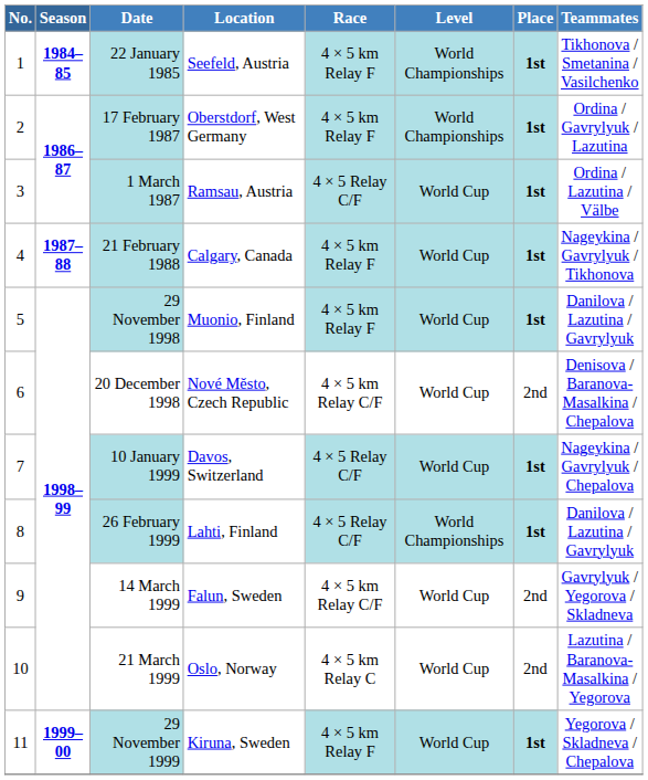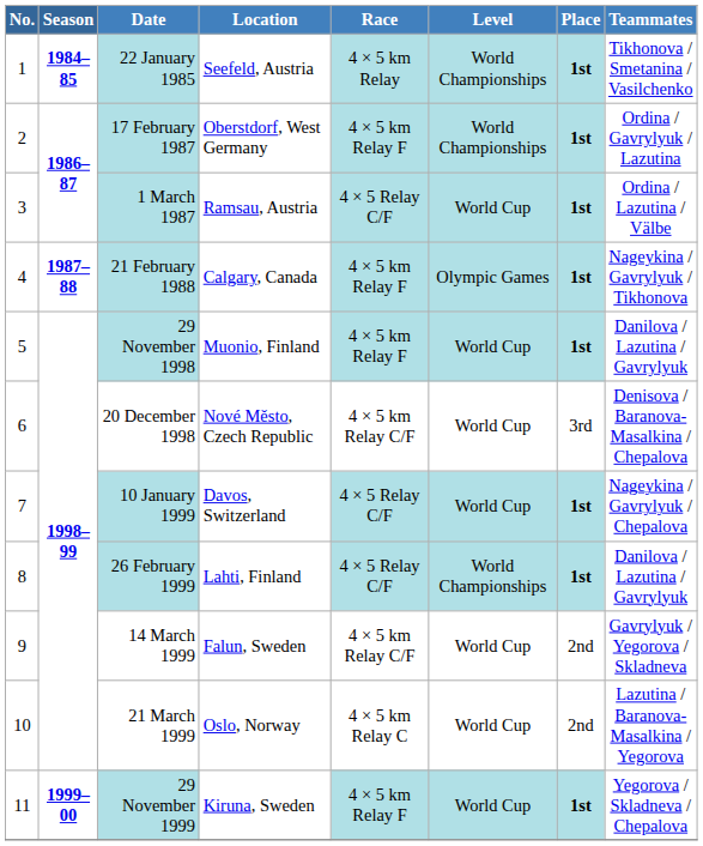 <table class="wikitable sortable" style="font-size:95%; text-align:center; border:grey solid 1px; border-collapse:collapse; background:#ffffff;">
 <tr style="background:#efefef;">
 <th style="background-color:#369; color:white;">No.</th>
 <th style="background-color:#369; color:white;">Season</th>
 <th style="background-color:#4180be; color:white; width:120px;">Date</th>
 <th style="background-color:#4180be; color:white; width:185px;">Location</th>
 <th style="background-color:#4180be; color:white; width:170px;">Race</th>
 <th style="background-color:#4180be; color:white; width:130px;">Level</th>
 <th style="background-color:#4180be; color:white;">Place</th>
 <th style="background-color:#4180be; color:white;">Teammates</th>
 </tr>
 <tr>
 <td align=center>1</td>
 <td rowspan=1 align=center><strong><a href='#'>1984–85</a></strong></td>
 <td bgcolor="#BOEOE6" align=right>22 January 1985</td>
 <td align=left> <a href='#'>Seefeld</a>, Austria</td>
-<td bgcolor="#BOEOE6">4 × 5 km Relay F</td>
+<td bgcolor="#BOEOE6">4 × 5 km Relay</td>
 <td bgcolor="#BOEOE6">World Championships</td>
 <td bgcolor="#BOEOE6"><strong>1st</strong></td>
 <td><a href='#'>Tikhonova</a> / <a href='#'>Smetanina</a> / <a href='#'>Vasilchenko</a></td>
 </tr>
 <tr>
 <td align=center>2</td>
 <td rowspan=2 align=center><strong><a href='#'>1986–87</a></strong></td>
 <td bgcolor="#BOEOE6" align=right>17 February 1987</td>
 <td align=left> <a href='#'>Oberstdorf</a>, West Germany</td>
 <td bgcolor="#BOEOE6">4 × 5 km Relay F</td>
 <td bgcolor="#BOEOE6">World Championships</td>
 <td bgcolor="#BOEOE6"><strong>1st</strong></td>
 <td><a href='#'>Ordina</a> / <a href='#'>Gavrylyuk</a> / <a href='#'>Lazutina</a></td>
 </tr>
 <tr>
 <td align=center>3</td>
 <td bgcolor="#BOEOE6" align=right>1 March 1987</td>
 <td align=left> <a href='#'>Ramsau</a>, Austria</td>
 <td bgcolor="#BOEOE6">4 × 5 Relay C/F</td>
 <td bgcolor="#BOEOE6">World Cup</td>
 <td bgcolor="#BOEOE6"><strong>1st</strong></td>
 <td><a href='#'>Ordina</a> / <a href='#'>Lazutina</a> / <a href='#'>Välbe</a></td>
 </tr>
 <tr>
 <td align=center>4</td>
 <td rowspan=1 align=center><strong><a href='#'>1987–88</a></strong></td>
 <td bgcolor="#BOEOE6" align=right>21 February 1988</td>
 <td align=left> <a href='#'>Calgary</a>, Canada</td>
 <td bgcolor="#BOEOE6">4 × 5 km Relay F</td>
-<td bgcolor="#BOEOE6">World Cup</td>
+<td bgcolor="#BOEOE6">Olympic Games</td>
 <td bgcolor="#BOEOE6"><strong>1st</strong></td>
 <td><a href='#'>Nageykina</a> / <a href='#'>Gavrylyuk</a> / <a href='#'>Tikhonova</a></td>
 </tr>
 <tr>
 <td align=center>5</td>
 <td rowspan=6 align=center><strong><a href='#'>1998–99</a></strong></td>
 <td bgcolor="#BOEOE6" align=right>29 November 1998</td>
 <td align=left> <a href='#'>Muonio</a>, Finland</td>
 <td bgcolor="#BOEOE6">4 × 5 km Relay F</td>
 <td bgcolor="#BOEOE6">World Cup</td>
 <td bgcolor="#BOEOE6"><strong>1st</strong></td>
 <td><a href='#'>Danilova</a> / <a href='#'>Lazutina</a> / <a href='#'>Gavrylyuk</a></td>
 </tr>
 <tr>
 <td align=center>6</td>
 <td align=right>20 December 1998</td>
 <td align=left> <a href='#'>Nové Město</a>, Czech Republic</td>
 <td>4 × 5 km Relay C/F</td>
 <td>World Cup</td>
-<td>2nd</td>
+<td>3rd</td>
 <td><a href='#'>Denisova</a> / <a href='#'>Baranova-Masalkina</a> / <a href='#'>Chepalova</a></td>
 </tr>
 <tr>
 <td align=center>7</td>
 <td bgcolor="#BOEOE6" align=right>10 January 1999</td>
 <td align=left> <a href='#'>Davos</a>, Switzerland</td>
 <td bgcolor="#BOEOE6">4 × 5 Relay C/F</td>
 <td bgcolor="#BOEOE6">World Cup</td>
 <td bgcolor="#BOEOE6"><strong>1st</strong></td>
 <td><a href='#'>Nageykina</a> / <a href='#'>Gavrylyuk</a> / <a href='#'>Chepalova</a></td>
 </tr>
 <tr>
 <td align=center>8</td>
 <td bgcolor="#BOEOE6" align=right>26 February 1999</td>
 <td align=left> <a href='#'>Lahti</a>, Finland</td>
 <td bgcolor="#BOEOE6">4 × 5 Relay C/F</td>
 <td bgcolor="#BOEOE6">World Championships</td>
 <td bgcolor="#BOEOE6"><strong>1st</strong></td>
 <td><a href='#'>Danilova</a> / <a href='#'>Lazutina</a> / <a href='#'>Gavrylyuk</a></td>
 </tr>
 <tr>
 <td align=center>9</td>
 <td align=right>14 March 1999</td>
 <td align=left> <a href='#'>Falun</a>, Sweden</td>
 <td>4 × 5 km Relay C/F</td>
 <td>World Cup</td>
 <td>2nd</td>
 <td><a href='#'>Gavrylyuk</a> / <a href='#'>Yegorova</a> / <a href='#'>Skladneva</a></td>
 </tr>
 <tr>
 <td align=center>10</td>
 <td align=right>21 March 1999</td>
 <td align=left> <a href='#'>Oslo</a>, Norway</td>
 <td>4 × 5 km Relay C</td>
 <td>World Cup</td>
 <td>2nd</td>
 <td><a href='#'>Lazutina</a> / <a href='#'>Baranova-Masalkina</a> / <a href='#'>Yegorova</a></td>
 </tr>
 <tr>
 <td align=center>11</td>
 <td rowspan=1 align=center><strong><a href='#'>1999–00</a></strong></td>
 <td bgcolor="#BOEOE6" align=right>29 November 1999</td>
 <td align=left> <a href='#'>Kiruna</a>, Sweden</td>
 <td bgcolor="#BOEOE6">4 × 5 km Relay F</td>
 <td bgcolor="#BOEOE6">World Cup</td>
 <td bgcolor="#BOEOE6"><strong>1st</strong></td>
 <td><a href='#'>Yegorova</a> / <a href='#'>Skladneva</a> / <a href='#'>Chepalova</a></td>
 </tr>
 <tr>
 </tr>
 </table>
